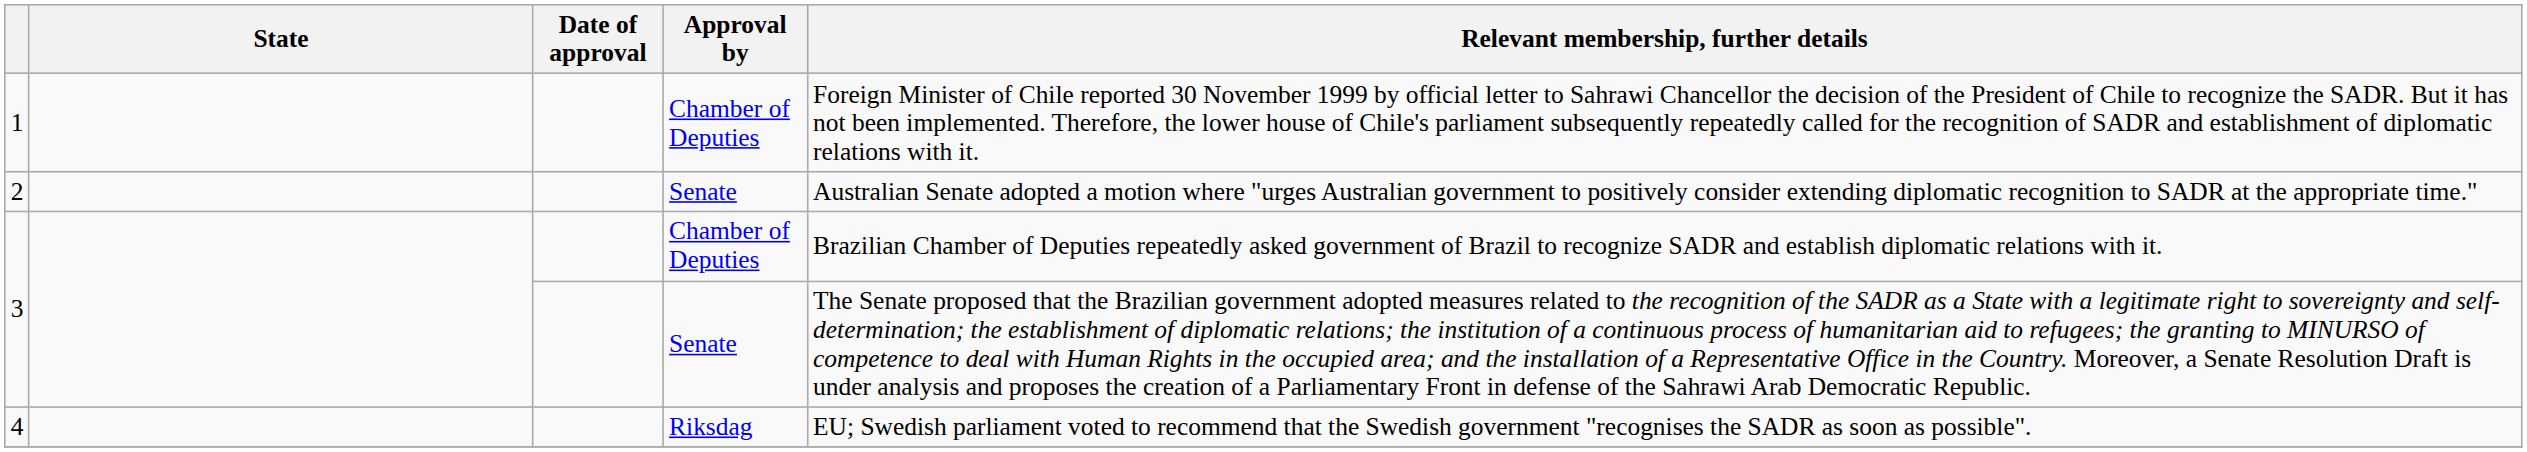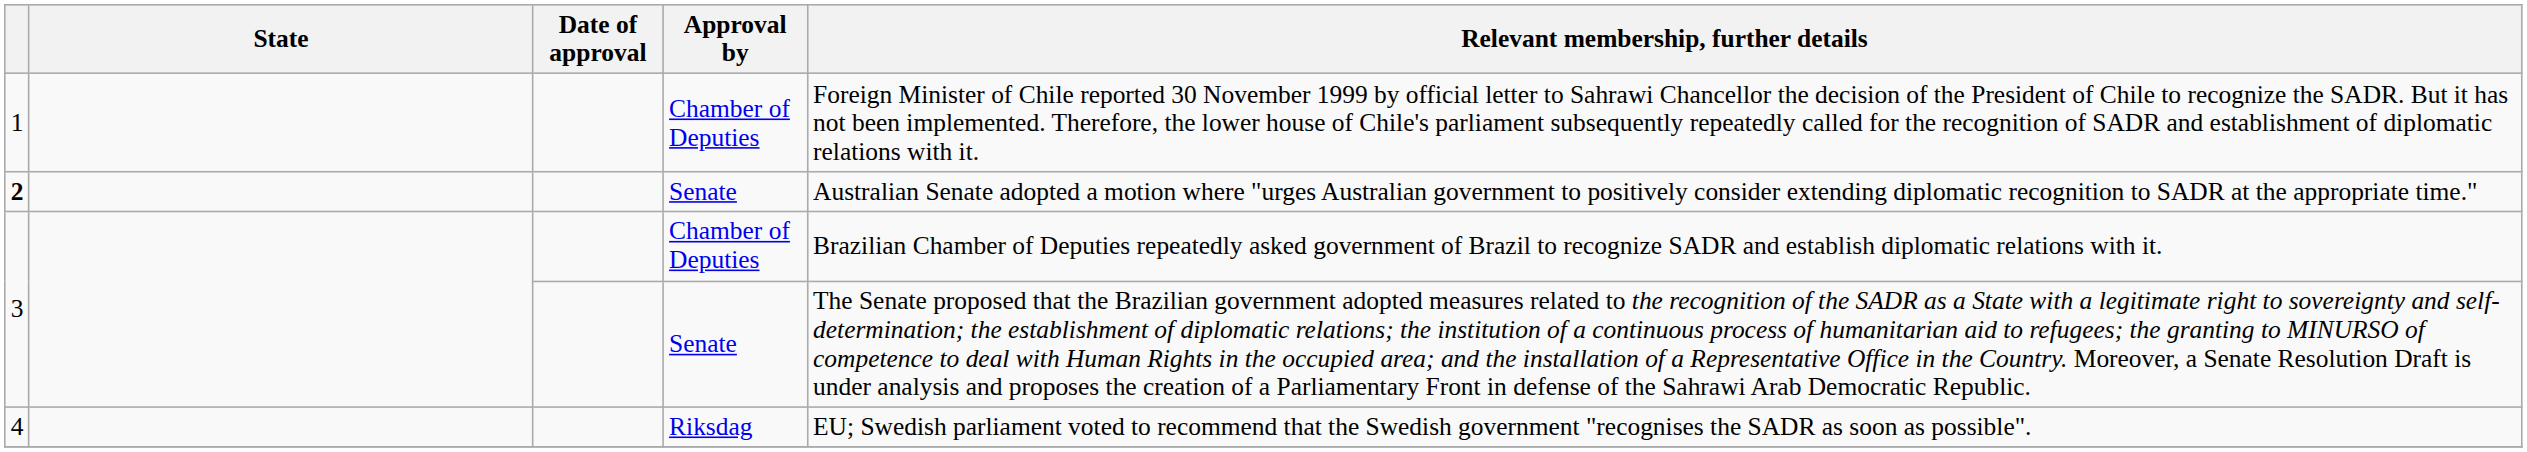 <table class="wikitable sortable" style="width:100%; margin:auto;">
 <tr>
 <th></th>
 <th width=20%>State</th>
 <th>Date of approval</th>
 <th>Approval by</th>
 <th>Relevant membership, further details</th>
 </tr>
 <tr>
 <td>1</td>
 <td></td>
 <td><br><br><br></td>
 <td><a href='#'>Chamber of Deputies</a></td>
 <td>Foreign Minister of Chile reported 30 November 1999 by official letter to Sahrawi Chancellor the decision of the President of Chile to recognize the SADR. But it has not been implemented. Therefore, the lower house of Chile's parliament subsequently repeatedly called for the recognition of SADR and establishment of diplomatic relations with it.</td>
 </tr>
 <tr>
-<td>2</td>
+<td><strong>2</strong></td>
 <td></td>
 <td></td>
 <td><a href='#'>Senate</a></td>
 <td>Australian Senate adopted a motion where "urges Australian government to positively consider extending diplomatic recognition to SADR at the appropriate time."</td>
 </tr>
 <tr>
 <td rowspan="2">3</td>
 <td rowspan="2"></td>
 <td><br><br></td>
 <td><a href='#'>Chamber of Deputies</a></td>
 <td>Brazilian Chamber of Deputies repeatedly asked government of Brazil to recognize SADR and establish diplomatic relations with it.</td>
 </tr>
 <tr>
 <td><br></td>
 <td><a href='#'>Senate</a></td>
 <td>The Senate proposed that the Brazilian government adopted measures related to <em>the recognition of the SADR as a State with a legitimate right to sovereignty and self-determination; the establishment of diplomatic relations; the institution of a continuous process of humanitarian aid to refugees; the granting to MINURSO of competence to deal with Human Rights in the occupied area; and the installation of a Representative Office in the Country.</em> Moreover, a Senate Resolution Draft is under analysis and proposes the creation of a Parliamentary Front in defense of the Sahrawi Arab Democratic Republic.</td>
 </tr>
 <tr>
 <td>4</td>
 <td></td>
 <td></td>
 <td><a href='#'>Riksdag</a></td>
 <td>EU; Swedish parliament voted to recommend that the Swedish government "recognises the SADR as soon as possible".</td>
 </tr>
 <tr>
 </tr>
 </table>
